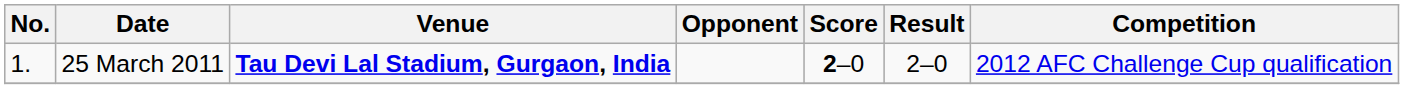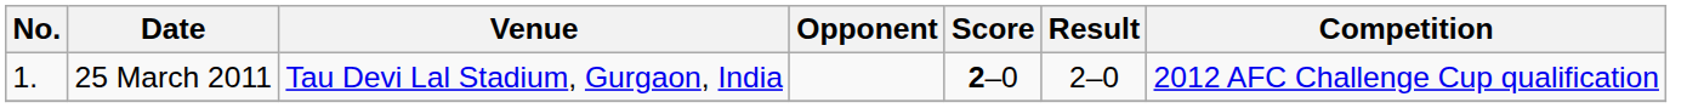 <table class="wikitable">
 <tr>
 <th>No.</th>
 <th>Date</th>
 <th>Venue</th>
 <th>Opponent</th>
 <th>Score</th>
 <th>Result</th>
 <th>Competition</th>
 </tr>
 <tr>
 <td>1.</td>
 <td>25 March 2011</td>
-<td><strong><a href='#'>Tau Devi Lal Stadium</a>, <a href='#'>Gurgaon</a>, <a href='#'>India</a></strong></td>
+<td><a href='#'>Tau Devi Lal Stadium</a>, <a href='#'>Gurgaon</a>, <a href='#'>India</a></td>
 <td></td>
 <td align=center><strong>2</strong>–0</td>
 <td align=center>2–0</td>
 <td><a href='#'>2012 AFC Challenge Cup qualification</a></td>
 </tr>
 <tr>
 </tr>
 </table>
